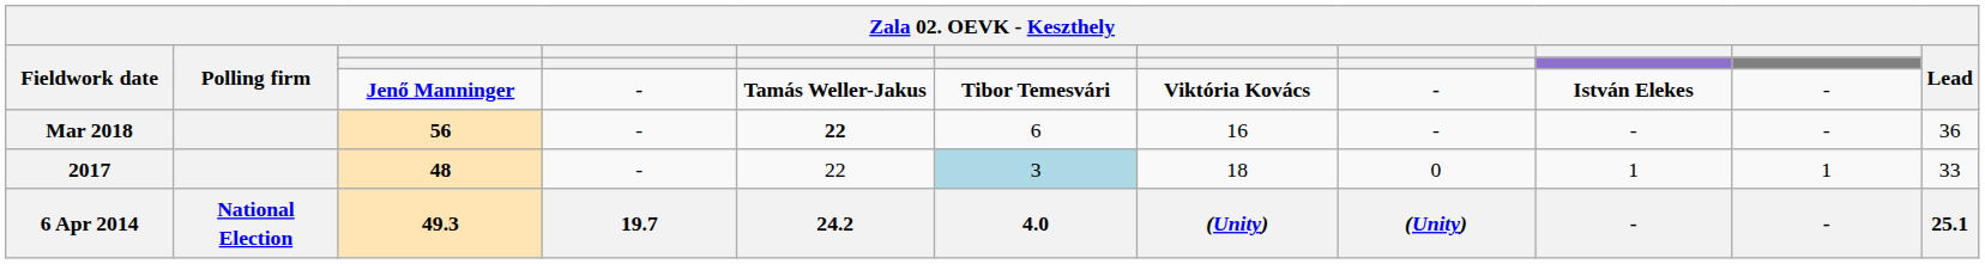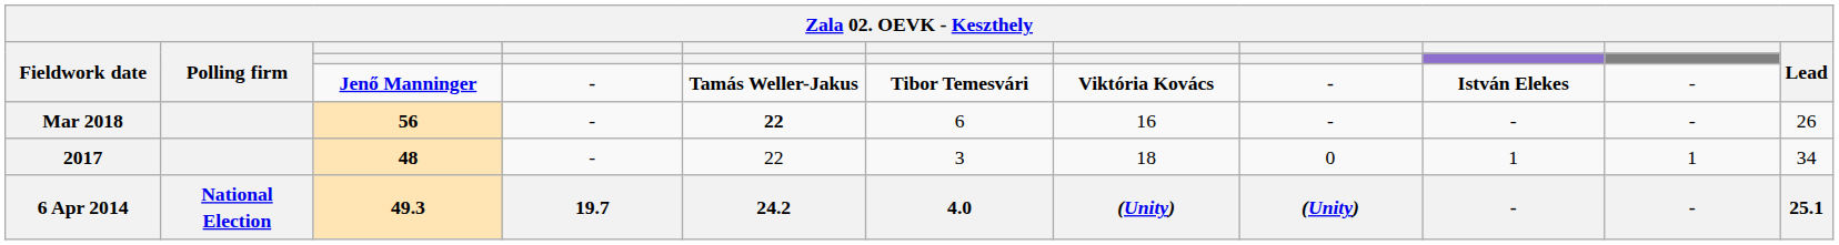 <table class="wikitable mw-collapsible mw-collapsed" style="text-align:center">
 <tr>
 <th colspan="11" style="width: 980pt;"><small><a href='#'>Zala</a> 02. OEVK - <a href='#'>Keszthely</a></small></th>
 </tr>
 <tr>
 <th rowspan="3" style="width: 80pt;"><small>Fieldwork</small> <small>date</small></th>
 <th rowspan="3" style="width: 80pt;"><strong><small>Polling</small> <small>firm</small></strong></th>
 <th style="width: 100pt;"><small></small></th>
 <th style="width: 100pt;"><small> </small></th>
 <th style="width: 100pt;"></th>
 <th style="width: 100pt;"></th>
 <th style="width: 100pt;"></th>
 <th style="width: 100pt;"></th>
 <th style="width: 100pt;"></th>
 <th style="width: 100pt;"></th>
 <th rowspan="3" style="width: 20pt;"><small>Lead</small></th>
 </tr>
 <tr>
 <th style="color:inherit;background:"></th>
 <th style="color:inherit;background:"></th>
 <th style="color:inherit;background:"></th>
 <th style="color:inherit;background:"></th>
 <th style="color:inherit;background:"></th>
 <th style="color:inherit;background:"></th>
 <th style="color:inherit;background:#8E6FCE;"></th>
 <th style="color:inherit;background:#808080;"></th>
 </tr>
 <tr>
 <td><a href='#'><strong><small>Jenő Manninger</small></strong></a></td>
 <td><strong><small>-</small></strong></td>
 <td><strong><small>Tamás Weller-Jakus</small></strong></td>
 <td><strong><small>Tibor Temesvári</small></strong></td>
 <td><strong><small>Viktória Kovács</small></strong></td>
 <td><strong><small>-</small></strong></td>
 <td><strong><small>István Elekes</small></strong></td>
 <td><small>-</small></td>
 </tr>
 <tr>
 <th><small>Mar 2018</small></th>
 <th><small></small></th>
 <td style="background:#FFE5B4"><strong><small>56</small></strong></td>
 <td><small>-</small></td>
 <td><strong><small>22</small></strong></td>
 <td><small>6</small></td>
 <td><small>16</small></td>
 <td><small>-</small></td>
 <td><small>-</small></td>
 <td><small>-</small></td>
-<td style="background:"><small>36</small></td>
+<td style="background:"><small>26</small></td>
 </tr>
 <tr>
 <th><small>2017</small></th>
 <th><small></small></th>
 <td style="background:#FFE5B4"><strong><small>48</small></strong></td>
 <td><small>-</small></td>
 <td><small>22</small></td>
-<td style="background: lightblue;"><small>3</small></td>
+<td><small>3</small></td>
 <td><small>18</small></td>
 <td><small>0</small></td>
 <td><small>1</small></td>
 <td><small>1</small></td>
-<td style="background:"><small>33</small></td>
+<td style="background:"><small>34</small></td>
 </tr>
 <tr>
 <th><small>6 Apr 2014</small></th>
 <th><a href='#'><small>National Election</small></a></th>
 <th style="background:#FFE5B4"><small>49.3</small></th>
 <th><small>19.7</small></th>
 <th><small>24.2</small></th>
 <th><small>4.0</small></th>
 <th><small><em>(<a href='#'>Unity</a>)</em></small></th>
 <th><small><em>(<a href='#'>Unity</a>)</em></small></th>
 <th><small>-</small></th>
 <th><small>-</small></th>
 <th style="background:"><small>25.1</small></th>
 </tr>
 </table>
